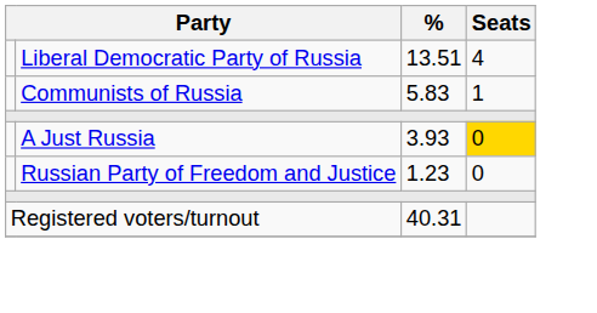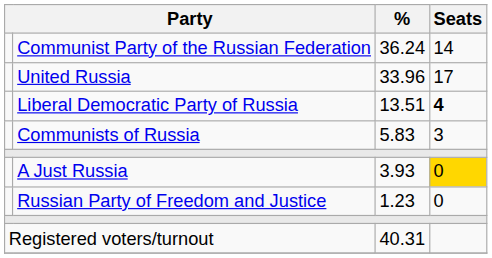 <table class="wikitable">
 <tr>
 <th colspan=2>Party</th>
 <th>%</th>
 <th>Seats</th>
 </tr>
 <tr>
 <td style="background:"></td>
+<td><a href='#'>Communist Party of the Russian Federation</a></td>
+<td>36.24</td>
+<td>14</td>
+</tr>
+<tr>
+<td style="background:"></td>
+<td><a href='#'>United Russia</a></td>
+<td>33.96</td>
+<td>17</td>
+</tr>
+<tr>
+<td style="background:"></td>
 <td><a href='#'>Liberal Democratic Party of Russia</a></td>
 <td>13.51</td>
-<td>4</td>
+<td><strong>4</strong></td>
 </tr>
 <tr>
 <td style="background:"></td>
 <td><a href='#'>Communists of Russia</a></td>
 <td>5.83</td>
-<td>1</td>
+<td>3</td>
 </tr>
 <tr>
 <td colspan=4 style="background:#E9E9E9;"></td>
 </tr>
 <tr>
 <td style="background:"></td>
 <td><a href='#'>A Just Russia</a></td>
 <td>3.93</td>
 <td style="background: gold;">0</td>
 </tr>
 <tr>
 <td style="background:"></td>
 <td><a href='#'>Russian Party of Freedom and Justice</a></td>
 <td>1.23</td>
 <td>0</td>
 </tr>
 <tr>
 <td colspan=4 style="background:#E9E9E9;"></td>
 </tr>
 <tr>
 <td align=left colspan=2>Registered voters/turnout</td>
 <td>40.31</td>
 <td></td>
 </tr>
 <tr>
 </tr>
 </table>
